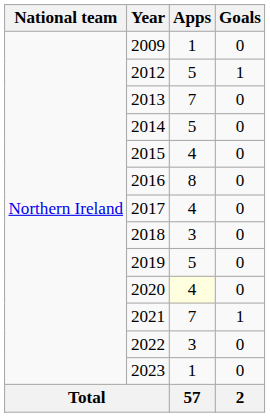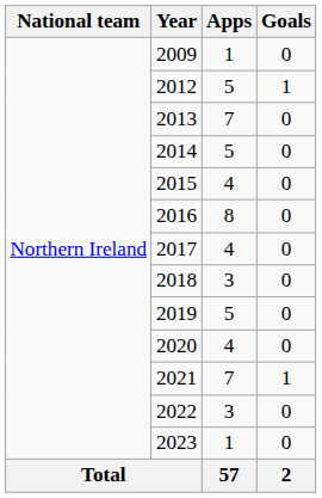 <table class="wikitable" style="text-align:center">
 <tr>
 <th>National team</th>
 <th>Year</th>
 <th>Apps</th>
 <th>Goals</th>
 </tr>
 <tr>
 <td rowspan=13><a href='#'>Northern Ireland</a></td>
 <td>2009</td>
 <td>1</td>
 <td>0</td>
 </tr>
 <tr>
 <td>2012</td>
 <td>5</td>
 <td>1</td>
 </tr>
 <tr>
 <td>2013</td>
 <td>7</td>
 <td>0</td>
 </tr>
 <tr>
 <td>2014</td>
 <td>5</td>
 <td>0</td>
 </tr>
 <tr>
 <td>2015</td>
 <td>4</td>
 <td>0</td>
 </tr>
 <tr>
 <td>2016</td>
 <td>8</td>
 <td>0</td>
 </tr>
 <tr>
 <td>2017</td>
 <td>4</td>
 <td>0</td>
 </tr>
 <tr>
 <td>2018</td>
 <td>3</td>
 <td>0</td>
 </tr>
 <tr>
 <td>2019</td>
 <td>5</td>
 <td>0</td>
 </tr>
 <tr>
 <td>2020</td>
-<td style="background: lightyellow;">4</td>
+<td>4</td>
 <td>0</td>
 </tr>
 <tr>
 <td>2021</td>
 <td>7</td>
 <td>1</td>
 </tr>
 <tr>
 <td>2022</td>
 <td>3</td>
 <td>0</td>
 </tr>
 <tr>
 <td>2023</td>
 <td>1</td>
 <td>0</td>
 </tr>
 <tr>
 <th colspan="2">Total</th>
 <th>57</th>
 <th>2</th>
 </tr>
 </table>
